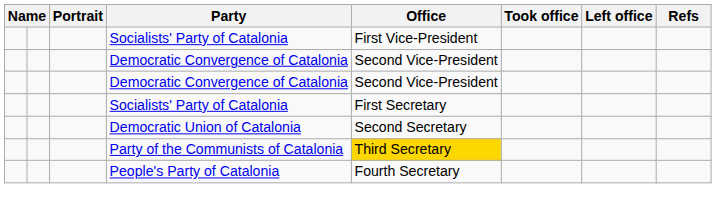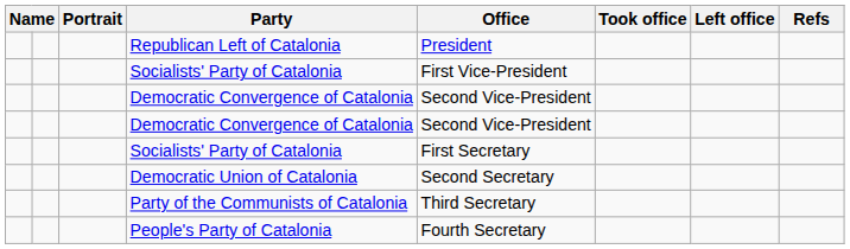 <table class="wikitable plainrowheaders sortable mw-collapsible mw-collapsed" style="font-size:90%; text-align:left;">
 <tr>
 <th scope=col colspan="2">Name</th>
 <th scope=col class=unsortable>Portrait</th>
 <th scope=col>Party</th>
 <th scope=col>Office</th>
 <th scope=col>Took office</th>
 <th scope=col>Left office</th>
 <th scope=col width=50px class=unsortable>Refs</th>
+</tr>
+<tr>
+<td !align="center" style="background:"></td>
+<td></td>
+<td align=center></td>
+<td><a href='#'>Republican Left of Catalonia</a></td>
+<td><a href='#'>President</a></td>
+<td align=center></td>
+<td align=center></td>
+<td align=center></td>
 </tr>
 <tr>
 <td !align="center" style="background:"></td>
 <td></td>
 <td align=center></td>
 <td><a href='#'>Socialists' Party of Catalonia</a></td>
 <td>First Vice-President</td>
 <td align=center></td>
 <td align=center></td>
 <td align=center></td>
 </tr>
 <tr>
 <td !align="center" style="background:"></td>
 <td></td>
 <td align=center></td>
 <td><a href='#'>Democratic Convergence of Catalonia</a></td>
 <td>Second Vice-President</td>
 <td align=center></td>
 <td align=center></td>
 <td align=center></td>
 </tr>
 <tr>
 <td !align="center" style="background:"></td>
 <td></td>
 <td align=center></td>
 <td><a href='#'>Democratic Convergence of Catalonia</a></td>
 <td>Second Vice-President</td>
 <td align=center></td>
 <td align=center></td>
 <td align=center></td>
 </tr>
 <tr>
 <td !align="center" style="background:"></td>
 <td></td>
 <td align=center></td>
 <td><a href='#'>Socialists' Party of Catalonia</a></td>
 <td>First Secretary</td>
 <td align=center></td>
 <td align=center></td>
 <td align=center></td>
 </tr>
 <tr>
 <td !align="center" style="background:"></td>
 <td></td>
 <td align=center></td>
 <td><a href='#'>Democratic Union of Catalonia</a></td>
 <td>Second Secretary</td>
 <td align=center></td>
 <td align=center></td>
 <td align=center></td>
 </tr>
 <tr>
 <td !align="center" style="background:"></td>
 <td></td>
 <td align=center></td>
 <td><a href='#'>Party of the Communists of Catalonia</a></td>
-<td style="background: gold;">Third Secretary</td>
+<td>Third Secretary</td>
 <td align=center></td>
 <td align=center></td>
 <td align=center></td>
 </tr>
 <tr>
 <td !align="center" style="background:"></td>
 <td></td>
 <td align=center></td>
 <td><a href='#'>People's Party of Catalonia</a></td>
 <td>Fourth Secretary</td>
 <td align=center></td>
 <td align=center></td>
 <td align=center></td>
 </tr>
 </table>
